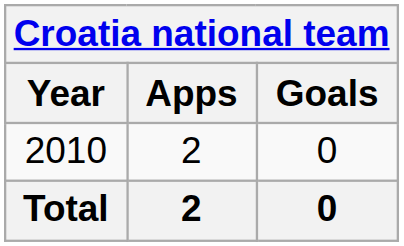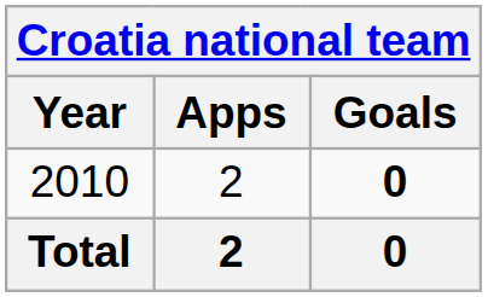 <table class="wikitable" style="text-align:center">
 <tr>
 <th colspan=3><a href='#'>Croatia national team</a></th>
 </tr>
 <tr>
 <th>Year</th>
 <th>Apps</th>
 <th>Goals</th>
 </tr>
 <tr>
 <td>2010</td>
 <td>2</td>
-<td>0</td>
+<td><strong>0</strong></td>
 </tr>
 <tr>
 <th>Total</th>
 <th>2</th>
 <th>0</th>
 </tr>
 </table>
